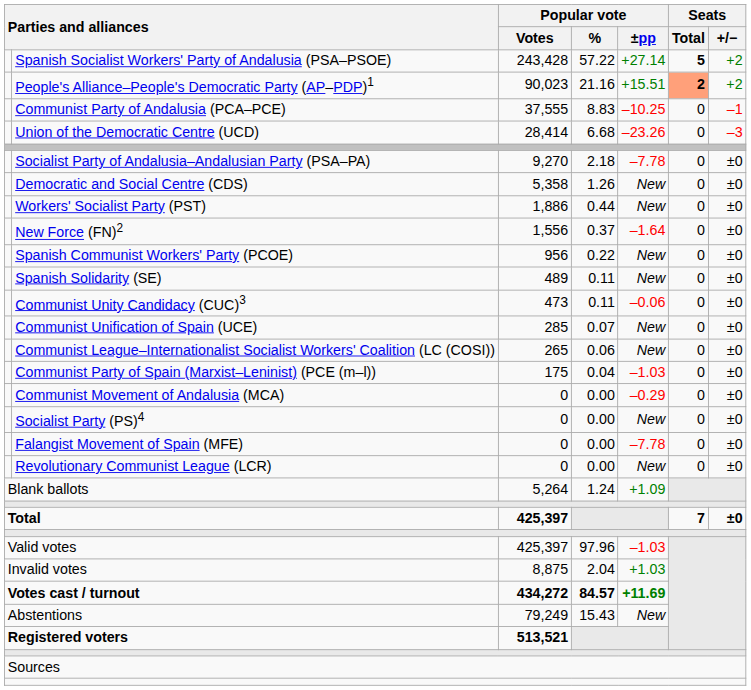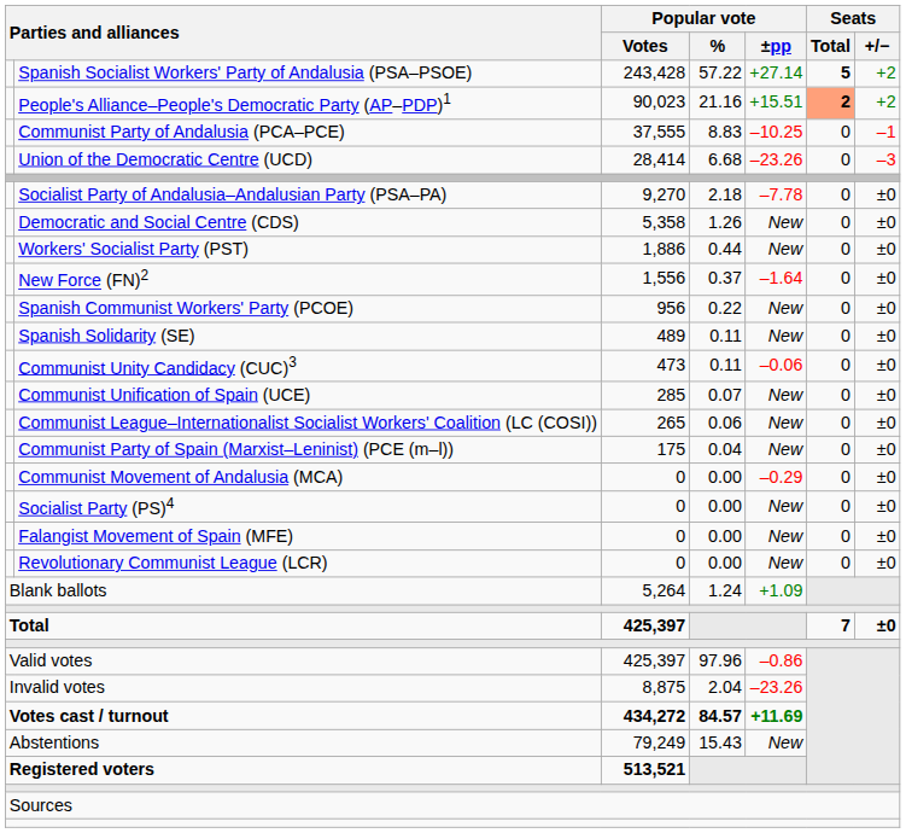 <table class="wikitable" style="text-align:right;">
 <tr>
 <th style="text-align:left;" rowspan="2" colspan="2" width="525">Parties and alliances</th>
 <th colspan="3">Popular vote</th>
 <th colspan="2">Seats</th>
 </tr>
 <tr>
 <th width="75">Votes</th>
 <th width="45">%</th>
 <th width="45">±<a href='#'>pp</a></th>
 <th width="35">Total</th>
 <th width="35">+/−</th>
 </tr>
 <tr>
 <td width="1" style="color:inherit;background:"></td>
 <td align="left"><a href='#'>Spanish Socialist Workers' Party of Andalusia</a> (PSA–PSOE)</td>
 <td>243,428</td>
 <td>57.22</td>
 <td style="color:green;">+27.14</td>
 <td><strong>5</strong></td>
 <td style="color:green;">+2</td>
 </tr>
 <tr>
 <td style="color:inherit;background:"></td>
 <td align="left"><a href='#'>People's Alliance–People's Democratic Party</a> (<a href='#'>AP</a>–<a href='#'>PDP</a>)<sup>1</sup></td>
 <td>90,023</td>
 <td>21.16</td>
 <td style="color:green;">+15.51</td>
 <td style="background: lightsalmon;"><strong>2</strong></td>
 <td style="color:green;">+2</td>
 </tr>
 <tr>
 <td style="color:inherit;background:"></td>
 <td align="left"><a href='#'>Communist Party of Andalusia</a> (PCA–PCE)</td>
 <td>37,555</td>
 <td>8.83</td>
 <td style="color:red;">–10.25</td>
 <td>0</td>
 <td style="color:red;">–1</td>
 </tr>
 <tr>
 <td style="color:inherit;background:"></td>
 <td align="left"><a href='#'>Union of the Democratic Centre</a> (UCD)</td>
 <td>28,414</td>
 <td>6.68</td>
 <td style="color:red;">–23.26</td>
 <td>0</td>
 <td style="color:red;">–3</td>
 </tr>
 <tr>
 <td colspan="7" bgcolor="#C0C0C0"></td>
 </tr>
 <tr>
 <td style="color:inherit;background:"></td>
 <td align="left"><a href='#'>Socialist Party of Andalusia–Andalusian Party</a> (PSA–PA)</td>
 <td>9,270</td>
 <td>2.18</td>
 <td style="color:red;">–7.78</td>
 <td>0</td>
 <td>±0</td>
 </tr>
 <tr>
 <td style="color:inherit;background:"></td>
 <td align="left"><a href='#'>Democratic and Social Centre</a> (CDS)</td>
 <td>5,358</td>
 <td>1.26</td>
 <td><em>New</em></td>
 <td>0</td>
 <td>±0</td>
 </tr>
 <tr>
 <td style="color:inherit;background:"></td>
 <td align="left"><a href='#'>Workers' Socialist Party</a> (PST)</td>
 <td>1,886</td>
 <td>0.44</td>
 <td><em>New</em></td>
 <td>0</td>
 <td>±0</td>
 </tr>
 <tr>
 <td style="color:inherit;background:"></td>
 <td align="left"><a href='#'>New Force</a> (FN)<sup>2</sup></td>
 <td>1,556</td>
 <td>0.37</td>
 <td style="color:red;">–1.64</td>
 <td>0</td>
 <td>±0</td>
 </tr>
 <tr>
 <td style="color:inherit;background:"></td>
 <td align="left"><a href='#'>Spanish Communist Workers' Party</a> (PCOE)</td>
 <td>956</td>
 <td>0.22</td>
 <td><em>New</em></td>
 <td>0</td>
 <td>±0</td>
 </tr>
 <tr>
 <td style="color:inherit;background:"></td>
 <td align="left"><a href='#'>Spanish Solidarity</a> (SE)</td>
 <td>489</td>
 <td>0.11</td>
 <td><em>New</em></td>
 <td>0</td>
 <td>±0</td>
 </tr>
 <tr>
 <td style="color:inherit;background:"></td>
 <td align="left"><a href='#'>Communist Unity Candidacy</a> (CUC)<sup>3</sup></td>
 <td>473</td>
 <td>0.11</td>
 <td style="color:red;">–0.06</td>
 <td>0</td>
 <td>±0</td>
 </tr>
 <tr>
 <td style="color:inherit;background:"></td>
 <td align="left"><a href='#'>Communist Unification of Spain</a> (UCE)</td>
 <td>285</td>
 <td>0.07</td>
 <td><em>New</em></td>
 <td>0</td>
 <td>±0</td>
 </tr>
 <tr>
 <td style="color:inherit;background:"></td>
 <td align="left"><a href='#'>Communist League–Internationalist Socialist Workers' Coalition</a> (LC (COSI))</td>
 <td>265</td>
 <td>0.06</td>
 <td><em>New</em></td>
 <td>0</td>
 <td>±0</td>
 </tr>
 <tr>
 <td style="color:inherit;background:"></td>
 <td align="left"><a href='#'>Communist Party of Spain (Marxist–Leninist)</a> (PCE (m–l))</td>
 <td>175</td>
 <td>0.04</td>
-<td style="color:red;">–1.03</td>
+<td><em>New</em></td>
 <td>0</td>
 <td>±0</td>
 </tr>
 <tr>
 <td style="color:inherit;background:"></td>
 <td align="left"><a href='#'>Communist Movement of Andalusia</a> (MCA)</td>
 <td>0</td>
 <td>0.00</td>
 <td style="color:red;">–0.29</td>
 <td>0</td>
 <td>±0</td>
 </tr>
 <tr>
 <td style="color:inherit;background:"></td>
 <td align="left"><a href='#'>Socialist Party</a> (PS)<sup>4</sup></td>
 <td>0</td>
 <td>0.00</td>
 <td><em>New</em></td>
 <td>0</td>
 <td>±0</td>
 </tr>
 <tr>
 <td style="color:inherit;background:"></td>
 <td align="left"><a href='#'>Falangist Movement of Spain</a> (MFE)</td>
 <td>0</td>
 <td>0.00</td>
-<td style="color:red;">–7.78</td>
+<td><em>New</em></td>
 <td>0</td>
 <td>±0</td>
 </tr>
 <tr>
 <td style="color:inherit;background:"></td>
 <td align="left"><a href='#'>Revolutionary Communist League</a> (LCR)</td>
 <td>0</td>
 <td>0.00</td>
 <td><em>New</em></td>
 <td>0</td>
 <td>±0</td>
 </tr>
 <tr>
 <td align="left" colspan="2">Blank ballots</td>
 <td>5,264</td>
 <td>1.24</td>
 <td style="color:green;">+1.09</td>
 <td bgcolor="#E9E9E9" colspan="2"></td>
 </tr>
 <tr>
 <td colspan="7" bgcolor="#E9E9E9"></td>
 </tr>
 <tr style="font-weight:bold;">
 <td align="left" colspan="2">Total</td>
 <td>425,397</td>
 <td bgcolor="#E9E9E9" colspan="2"></td>
 <td>7</td>
 <td>±0</td>
 </tr>
 <tr>
 <td colspan="7" bgcolor="#E9E9E9"></td>
 </tr>
 <tr>
 <td align="left" colspan="2">Valid votes</td>
 <td>425,397</td>
 <td>97.96</td>
-<td style="color:red;">–1.03</td>
+<td style="color:red;">–0.86</td>
 <td bgcolor="#E9E9E9" colspan="2" rowspan="5"></td>
 </tr>
 <tr>
 <td align="left" colspan="2">Invalid votes</td>
 <td>8,875</td>
 <td>2.04</td>
-<td style="color:green;">+1.03</td>
+<td style="color:red;">–23.26</td>
 </tr>
 <tr style="font-weight:bold;">
 <td align="left" colspan="2">Votes cast / turnout</td>
 <td>434,272</td>
 <td>84.57</td>
 <td style="color:green;">+11.69</td>
 </tr>
 <tr>
 <td align="left" colspan="2">Abstentions</td>
 <td>79,249</td>
 <td>15.43</td>
 <td><em>New</em></td>
 </tr>
 <tr style="font-weight:bold;">
 <td align="left" colspan="2">Registered voters</td>
 <td>513,521</td>
 <td bgcolor="#E9E9E9" colspan="2"></td>
 </tr>
 <tr>
 <td colspan="7" bgcolor="#E9E9E9"></td>
 </tr>
 <tr>
 <td align="left" colspan="7">Sources</td>
 </tr>
 <tr>
 <td colspan="7" style="text-align:left; max-width:790px;"></td>
 </tr>
 </table>
